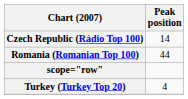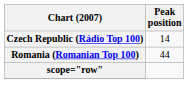 <table class="wikitable sortable plainrowheaders" style="text-align:center">
 <tr>
 <th>Chart (2007)</th>
 <th>Peak<br>position</th>
 </tr>
 <tr>
 <th scope="row">Czech Republic (<a href='#'>Rádio Top 100</a>)</th>
 <td align="center">14</td>
 </tr>
 <tr>
 <th scope="row">Romania (<a href='#'>Romanian Top 100</a>)</th>
 <td align="center">44</td>
 </tr>
 <tr>
 <th>scope="row"</th>
 </tr>
 <tr>
-<th scope="row">Turkey (<a href='#'>Turkey Top 20</a>)</th>
-<td align="center">4</td>
-</tr>
-<tr>
 </tr>
 </table>
